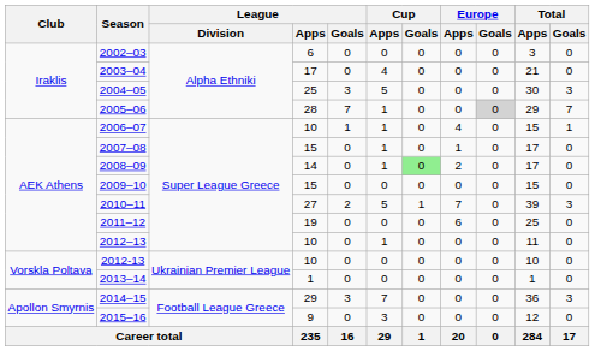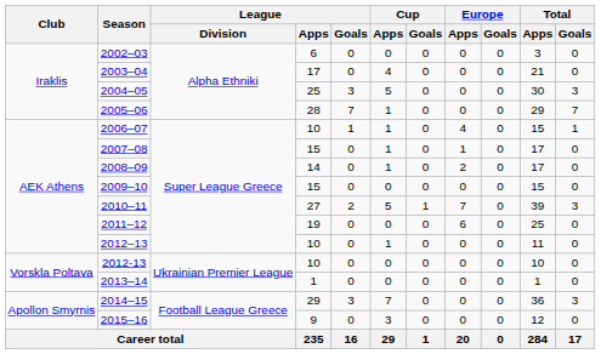 <table class="wikitable" style="text-align:center">
 <tr>
 <th rowspan="2">Club</th>
 <th rowspan="2">Season</th>
 <th colspan="3">League</th>
 <th colspan="2">Cup</th>
 <th colspan="2"><a href='#'>Europe</a></th>
 <th colspan="2">Total</th>
 </tr>
 <tr>
 <th>Division</th>
 <th>Apps</th>
 <th>Goals</th>
 <th>Apps</th>
 <th>Goals</th>
 <th>Apps</th>
 <th>Goals</th>
 <th>Apps</th>
 <th>Goals</th>
 </tr>
 <tr>
 <td rowspan=4><a href='#'>Iraklis</a></td>
 <td><a href='#'>2002–03</a></td>
 <td rowspan=4><a href='#'>Alpha Ethniki</a></td>
 <td>6</td>
 <td>0</td>
 <td>0</td>
 <td>0</td>
 <td>0</td>
 <td>0</td>
 <td>3</td>
 <td>0</td>
 </tr>
 <tr>
 <td><a href='#'>2003–04</a></td>
 <td>17</td>
 <td>0</td>
 <td>4</td>
 <td>0</td>
 <td>0</td>
 <td>0</td>
 <td>21</td>
 <td>0</td>
 </tr>
 <tr>
 <td><a href='#'>2004–05</a></td>
 <td>25</td>
 <td>3</td>
 <td>5</td>
 <td>0</td>
 <td>0</td>
 <td>0</td>
 <td>30</td>
 <td>3</td>
 </tr>
 <tr>
 <td><a href='#'>2005–06</a></td>
 <td>28</td>
 <td>7</td>
 <td>1</td>
 <td>0</td>
 <td>0</td>
-<td style="background: lightgrey;">0</td>
+<td>0</td>
 <td>29</td>
 <td>7</td>
 </tr>
 <tr>
 <td rowspan=7><a href='#'>AEK Athens</a></td>
 <td><a href='#'>2006–07</a></td>
 <td rowspan=7><a href='#'>Super League Greece</a></td>
 <td>10</td>
 <td>1</td>
 <td>1</td>
 <td>0</td>
 <td>4</td>
 <td>0</td>
 <td>15</td>
 <td>1</td>
 </tr>
 <tr>
 <td><a href='#'>2007–08</a></td>
 <td>15</td>
 <td>0</td>
 <td>1</td>
 <td>0</td>
 <td>1</td>
 <td>0</td>
 <td>17</td>
 <td>0</td>
 </tr>
 <tr>
 <td><a href='#'>2008–09</a></td>
 <td>14</td>
 <td>0</td>
 <td>1</td>
-<td style="background: lightgreen;">0</td>
+<td>0</td>
 <td>2</td>
 <td>0</td>
 <td>17</td>
 <td>0</td>
 </tr>
 <tr>
 <td><a href='#'>2009–10</a></td>
 <td>15</td>
 <td>0</td>
 <td>0</td>
 <td>0</td>
 <td>0</td>
 <td>0</td>
 <td>15</td>
 <td>0</td>
 </tr>
 <tr>
 <td><a href='#'>2010–11</a></td>
 <td>27</td>
 <td>2</td>
 <td>5</td>
 <td>1</td>
 <td>7</td>
 <td>0</td>
 <td>39</td>
 <td>3</td>
 </tr>
 <tr>
 <td><a href='#'>2011–12</a></td>
 <td>19</td>
 <td>0</td>
 <td>0</td>
 <td>0</td>
 <td>6</td>
 <td>0</td>
 <td>25</td>
 <td>0</td>
 </tr>
 <tr>
 <td><a href='#'>2012–13</a></td>
 <td>10</td>
 <td>0</td>
 <td>1</td>
 <td>0</td>
 <td>0</td>
 <td>0</td>
 <td>11</td>
 <td>0</td>
 </tr>
 <tr>
 <td rowspan=2><a href='#'>Vorskla Poltava</a></td>
 <td><a href='#'>2012-13</a></td>
 <td rowspan=2><a href='#'>Ukrainian Premier League</a></td>
 <td>10</td>
 <td>0</td>
 <td>0</td>
 <td>0</td>
 <td>0</td>
 <td>0</td>
 <td>10</td>
 <td>0</td>
 </tr>
 <tr>
 <td><a href='#'>2013–14</a></td>
 <td>1</td>
 <td>0</td>
 <td>0</td>
 <td>0</td>
 <td>0</td>
 <td>0</td>
 <td>1</td>
 <td>0</td>
 </tr>
 <tr>
 <td rowspan=2><a href='#'>Apollon Smyrnis</a></td>
 <td><a href='#'>2014–15</a></td>
 <td rowspan=2><a href='#'>Football League Greece</a></td>
 <td>29</td>
 <td>3</td>
 <td>7</td>
 <td>0</td>
 <td>0</td>
 <td>0</td>
 <td>36</td>
 <td>3</td>
 </tr>
 <tr>
 <td><a href='#'>2015–16</a></td>
 <td>9</td>
 <td>0</td>
 <td>3</td>
 <td>0</td>
 <td>0</td>
 <td>0</td>
 <td>12</td>
 <td>0</td>
 </tr>
 <tr>
 <th colspan="3">Career total</th>
 <th>235</th>
 <th>16</th>
 <th>29</th>
 <th>1</th>
 <th>20</th>
 <th>0</th>
 <th>284</th>
 <th>17</th>
 </tr>
 </table>
